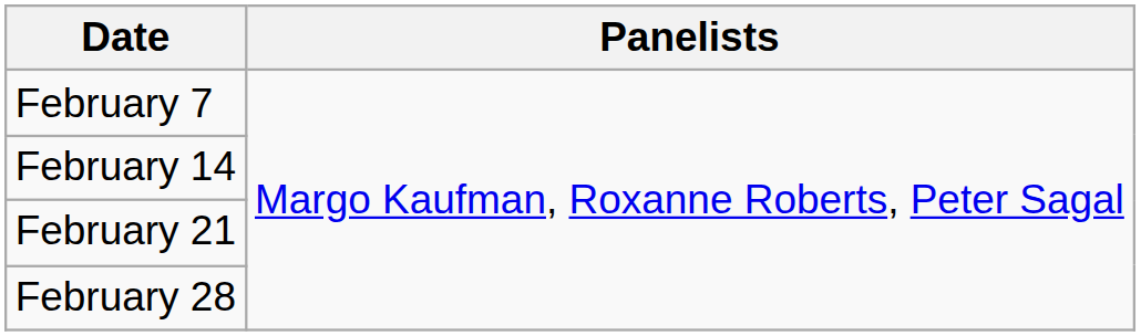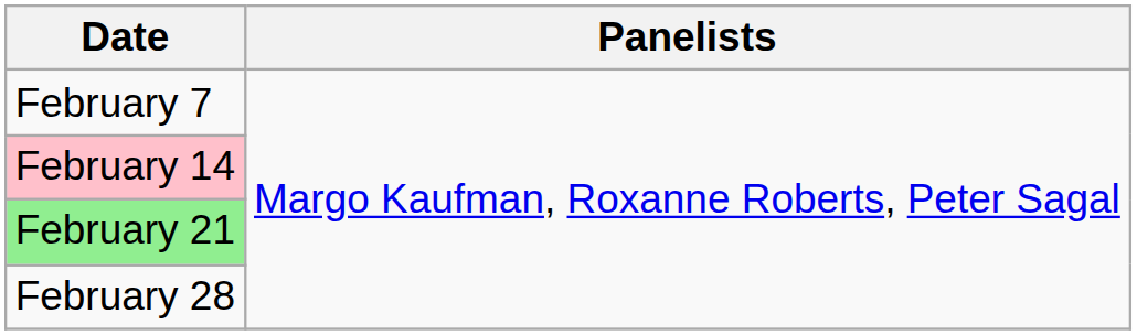 <table class="wikitable">
 <tr>
 <th>Date</th>
 <th>Panelists</th>
 </tr>
 <tr>
 <td>February 7</td>
 <td rowspan=4><a href='#'>Margo Kaufman</a>, <a href='#'>Roxanne Roberts</a>, <a href='#'>Peter Sagal</a></td>
 </tr>
 <tr>
-<td>February 14</td>
+<td style="background: pink;">February 14</td>
 </tr>
 <tr>
-<td>February 21</td>
+<td style="background: lightgreen;">February 21</td>
 </tr>
 <tr>
 <td>February 28</td>
 </tr>
 </table>
